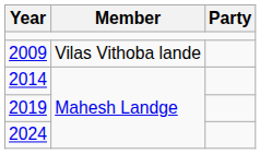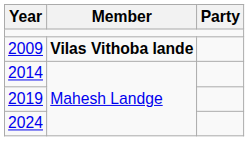 <table class="wikitable">
 <tr>
 <th>Year</th>
 <th>Member</th>
 <th colspan=2>Party</th>
 </tr>
 <tr>
 <td colspan="4"></td>
 </tr>
 <tr>
 <td><a href='#'>2009</a></td>
-<td>Vilas Vithoba lande</td>
+<td><strong>Vilas Vithoba lande</strong></td>
 <td></td>
 </tr>
 <tr>
 <td><a href='#'>2014</a></td>
 <td rowspan="3"><a href='#'>Mahesh Landge</a></td>
 </tr>
 <tr>
 <td><a href='#'>2019</a></td>
 <td></td>
 </tr>
 <tr>
 <td><a href='#'>2024</a></td>
 </tr>
 </table>
